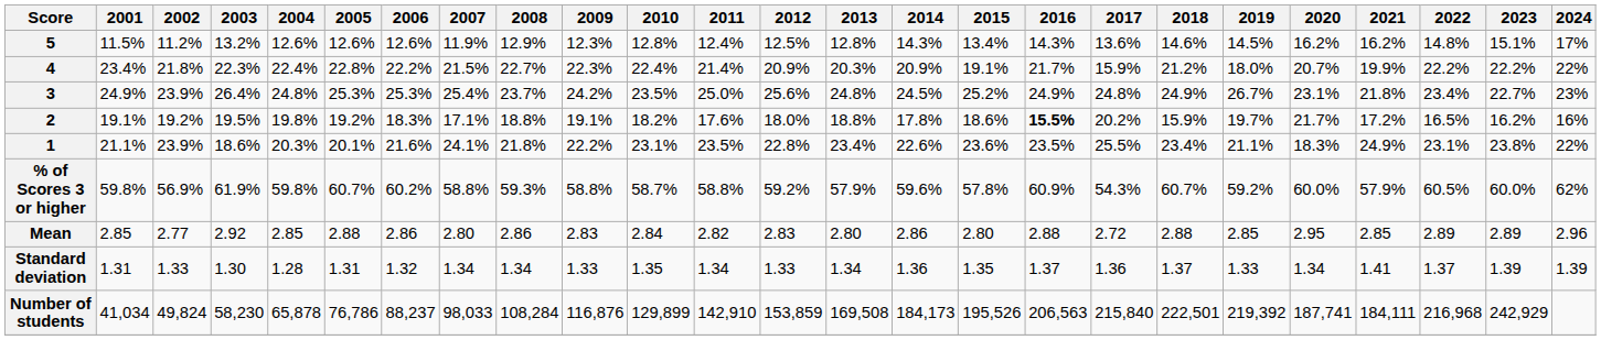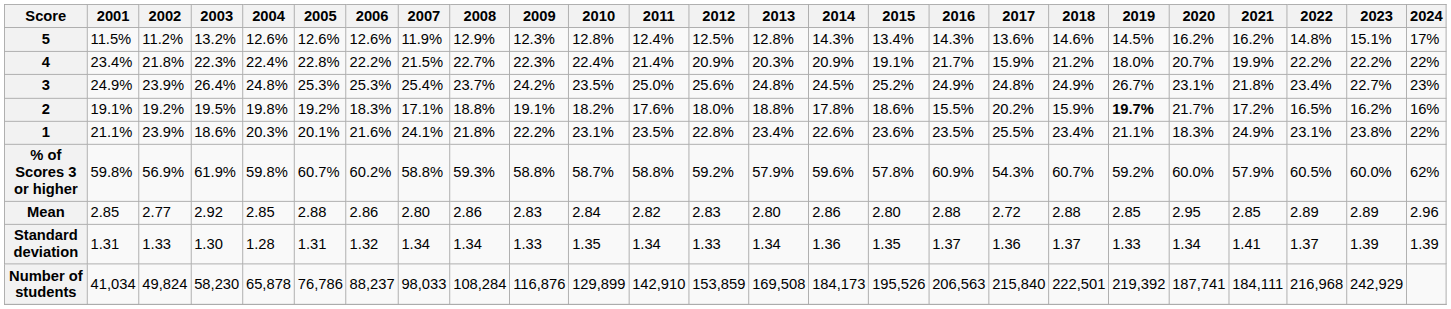 <table class="wikitable">
 <tr>
 <th>Score</th>
 <th>2001</th>
 <th>2002</th>
 <th>2003</th>
 <th>2004</th>
 <th>2005</th>
 <th>2006</th>
 <th>2007</th>
 <th>2008</th>
 <th>2009</th>
 <th>2010</th>
 <th>2011</th>
 <th>2012</th>
 <th>2013</th>
 <th>2014</th>
 <th>2015</th>
 <th>2016</th>
 <th>2017</th>
 <th>2018</th>
 <th>2019</th>
 <th>2020</th>
 <th>2021</th>
 <th>2022</th>
 <th>2023</th>
 <th>2024</th>
 </tr>
 <tr>
 <th>5</th>
 <td>11.5%</td>
 <td>11.2%</td>
 <td>13.2%</td>
 <td>12.6%</td>
 <td>12.6%</td>
 <td>12.6%</td>
 <td>11.9%</td>
 <td>12.9%</td>
 <td>12.3%</td>
 <td>12.8%</td>
 <td>12.4%</td>
 <td>12.5%</td>
 <td>12.8%</td>
 <td>14.3%</td>
 <td>13.4%</td>
 <td>14.3%</td>
 <td>13.6%</td>
 <td>14.6%</td>
 <td>14.5%</td>
 <td>16.2%</td>
 <td>16.2%</td>
 <td>14.8%</td>
 <td>15.1%</td>
 <td>17%</td>
 </tr>
 <tr>
 <th>4</th>
 <td>23.4%</td>
 <td>21.8%</td>
 <td>22.3%</td>
 <td>22.4%</td>
 <td>22.8%</td>
 <td>22.2%</td>
 <td>21.5%</td>
 <td>22.7%</td>
 <td>22.3%</td>
 <td>22.4%</td>
 <td>21.4%</td>
 <td>20.9%</td>
 <td>20.3%</td>
 <td>20.9%</td>
 <td>19.1%</td>
 <td>21.7%</td>
 <td>15.9%</td>
 <td>21.2%</td>
 <td>18.0%</td>
 <td>20.7%</td>
 <td>19.9%</td>
 <td>22.2%</td>
 <td>22.2%</td>
 <td>22%</td>
 </tr>
 <tr>
 <th>3</th>
 <td>24.9%</td>
 <td>23.9%</td>
 <td>26.4%</td>
 <td>24.8%</td>
 <td>25.3%</td>
 <td>25.3%</td>
 <td>25.4%</td>
 <td>23.7%</td>
 <td>24.2%</td>
 <td>23.5%</td>
 <td>25.0%</td>
 <td>25.6%</td>
 <td>24.8%</td>
 <td>24.5%</td>
 <td>25.2%</td>
 <td>24.9%</td>
 <td>24.8%</td>
 <td>24.9%</td>
 <td>26.7%</td>
 <td>23.1%</td>
 <td>21.8%</td>
 <td>23.4%</td>
 <td>22.7%</td>
 <td>23%</td>
 </tr>
 <tr>
 <th>2</th>
 <td>19.1%</td>
 <td>19.2%</td>
 <td>19.5%</td>
 <td>19.8%</td>
 <td>19.2%</td>
 <td>18.3%</td>
 <td>17.1%</td>
 <td>18.8%</td>
 <td>19.1%</td>
 <td>18.2%</td>
 <td>17.6%</td>
 <td>18.0%</td>
 <td>18.8%</td>
 <td>17.8%</td>
 <td>18.6%</td>
-<td><strong>15.5%</strong></td>
+<td>15.5%</td>
 <td>20.2%</td>
 <td>15.9%</td>
-<td>19.7%</td>
+<td><strong>19.7%</strong></td>
 <td>21.7%</td>
 <td>17.2%</td>
 <td>16.5%</td>
 <td>16.2%</td>
 <td>16%</td>
 </tr>
 <tr>
 <th>1</th>
 <td>21.1%</td>
 <td>23.9%</td>
 <td>18.6%</td>
 <td>20.3%</td>
 <td>20.1%</td>
 <td>21.6%</td>
 <td>24.1%</td>
 <td>21.8%</td>
 <td>22.2%</td>
 <td>23.1%</td>
 <td>23.5%</td>
 <td>22.8%</td>
 <td>23.4%</td>
 <td>22.6%</td>
 <td>23.6%</td>
 <td>23.5%</td>
 <td>25.5%</td>
 <td>23.4%</td>
 <td>21.1%</td>
 <td>18.3%</td>
 <td>24.9%</td>
 <td>23.1%</td>
 <td>23.8%</td>
 <td>22%</td>
 </tr>
 <tr>
 <th>% of Scores 3 or higher</th>
 <td>59.8%</td>
 <td>56.9%</td>
 <td>61.9%</td>
 <td>59.8%</td>
 <td>60.7%</td>
 <td>60.2%</td>
 <td>58.8%</td>
 <td>59.3%</td>
 <td>58.8%</td>
 <td>58.7%</td>
 <td>58.8%</td>
 <td>59.2%</td>
 <td>57.9%</td>
 <td>59.6%</td>
 <td>57.8%</td>
 <td>60.9%</td>
 <td>54.3%</td>
 <td>60.7%</td>
 <td>59.2%</td>
 <td>60.0%</td>
 <td>57.9%</td>
 <td>60.5%</td>
 <td>60.0%</td>
 <td>62%</td>
 </tr>
 <tr>
 <th>Mean</th>
 <td>2.85</td>
 <td>2.77</td>
 <td>2.92</td>
 <td>2.85</td>
 <td>2.88</td>
 <td>2.86</td>
 <td>2.80</td>
 <td>2.86</td>
 <td>2.83</td>
 <td>2.84</td>
 <td>2.82</td>
 <td>2.83</td>
 <td>2.80</td>
 <td>2.86</td>
 <td>2.80</td>
 <td>2.88</td>
 <td>2.72</td>
 <td>2.88</td>
 <td>2.85</td>
 <td>2.95</td>
 <td>2.85</td>
 <td>2.89</td>
 <td>2.89</td>
 <td>2.96</td>
 </tr>
 <tr>
 <th>Standard deviation</th>
 <td>1.31</td>
 <td>1.33</td>
 <td>1.30</td>
 <td>1.28</td>
 <td>1.31</td>
 <td>1.32</td>
 <td>1.34</td>
 <td>1.34</td>
 <td>1.33</td>
 <td>1.35</td>
 <td>1.34</td>
 <td>1.33</td>
 <td>1.34</td>
 <td>1.36</td>
 <td>1.35</td>
 <td>1.37</td>
 <td>1.36</td>
 <td>1.37</td>
 <td>1.33</td>
 <td>1.34</td>
 <td>1.41</td>
 <td>1.37</td>
 <td>1.39</td>
 <td>1.39</td>
 </tr>
 <tr>
 <th>Number of students</th>
 <td>41,034</td>
 <td>49,824</td>
 <td>58,230</td>
 <td>65,878</td>
 <td>76,786</td>
 <td>88,237</td>
 <td>98,033</td>
 <td>108,284</td>
 <td>116,876</td>
 <td>129,899</td>
 <td>142,910</td>
 <td>153,859</td>
 <td>169,508</td>
 <td>184,173</td>
 <td>195,526</td>
 <td>206,563</td>
 <td>215,840</td>
 <td>222,501</td>
 <td>219,392</td>
 <td>187,741</td>
 <td>184,111</td>
 <td>216,968</td>
 <td>242,929</td>
 <td></td>
 </tr>
 <tr>
 </tr>
 </table>
